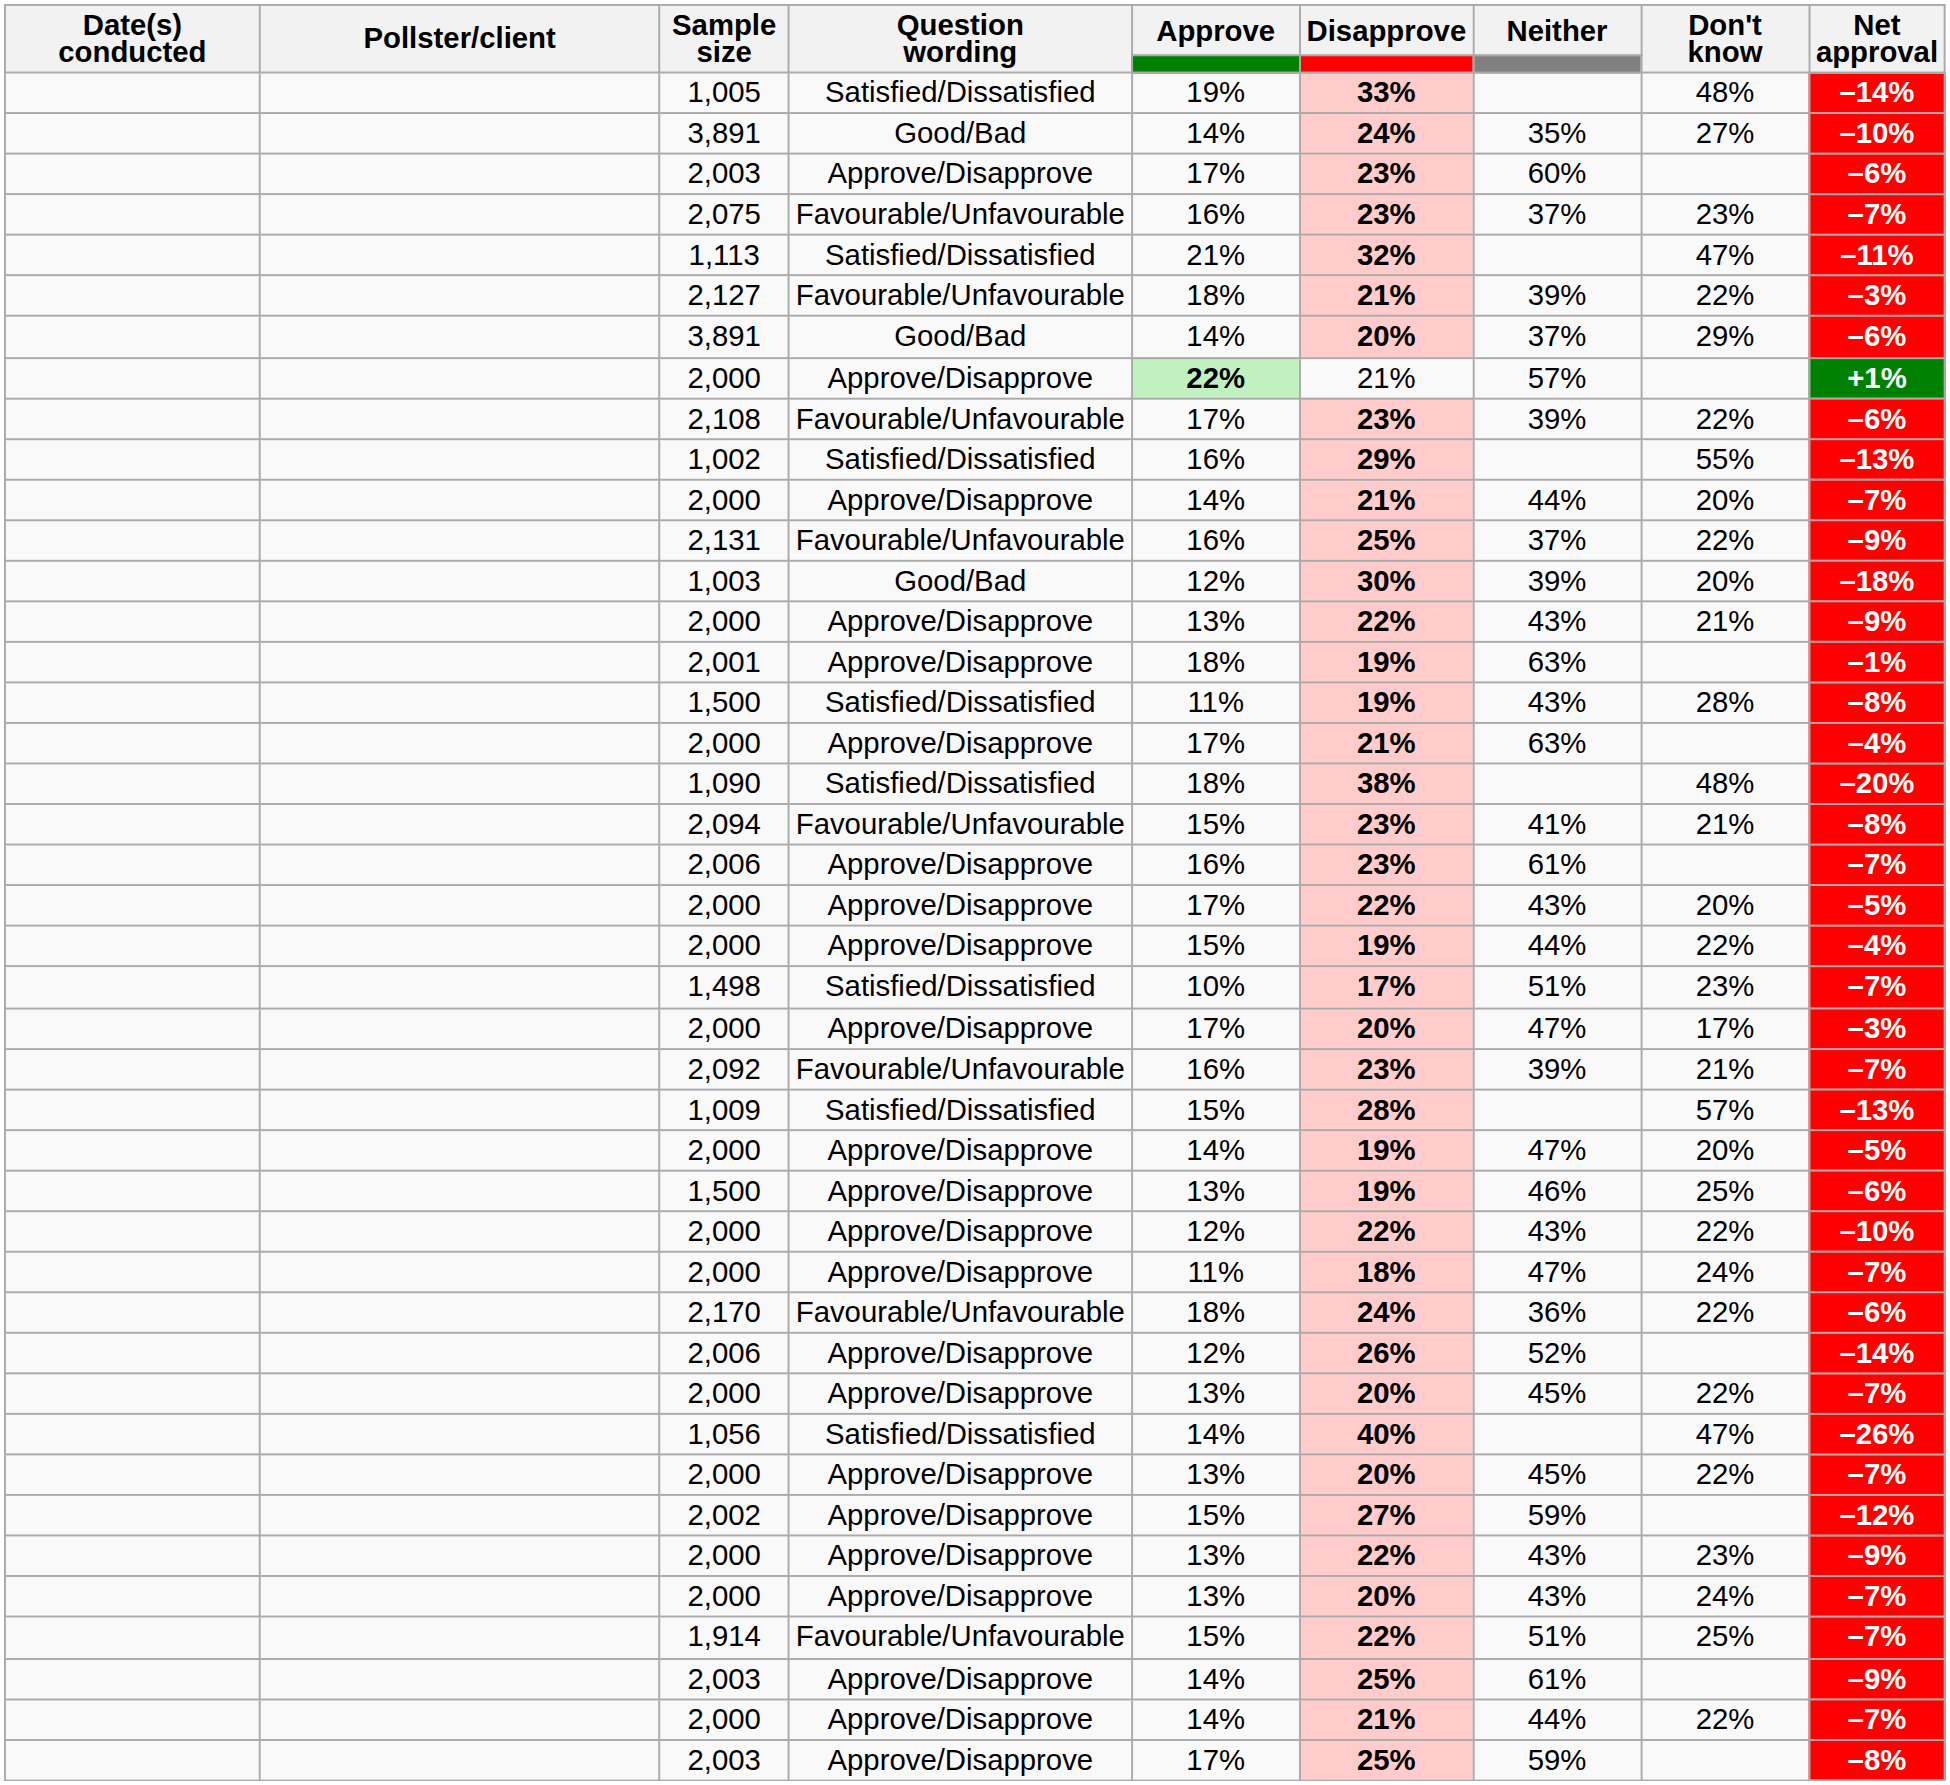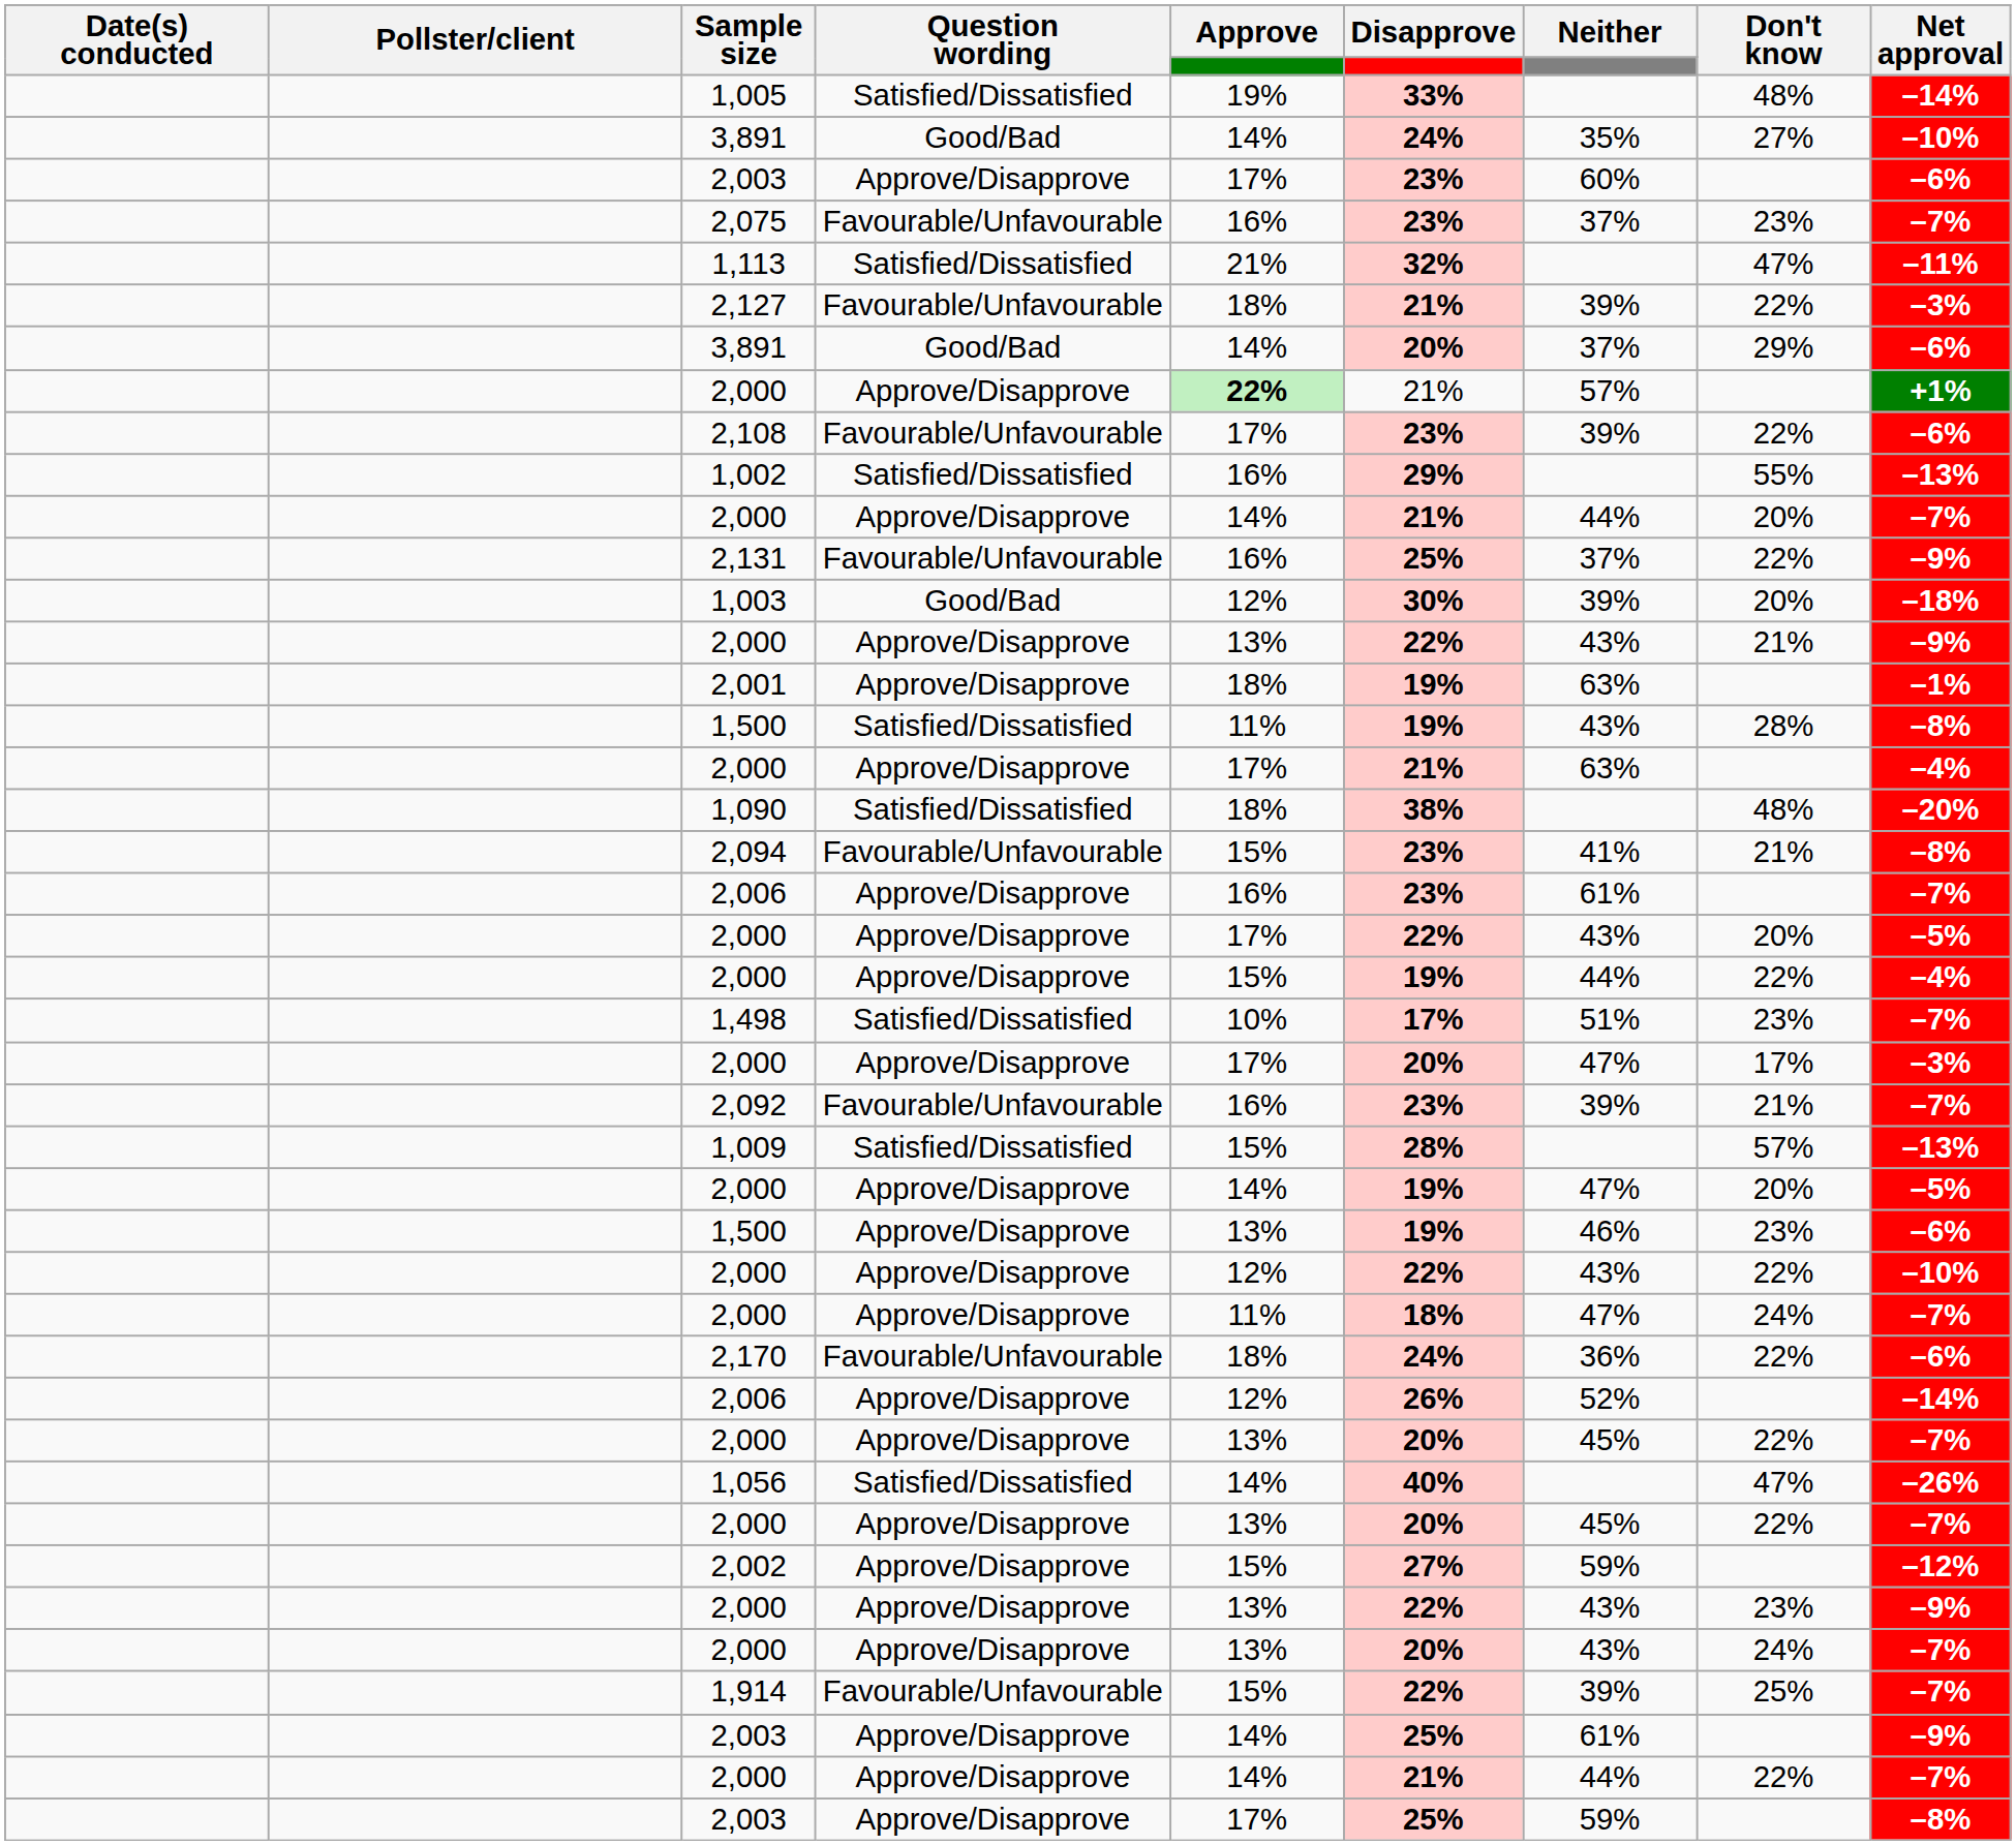 <table class="wikitable collapsible sortable mw-datatable" style="text-align:center;font-size:95%;line-height:14px;">
 <tr>
 <th rowspan="2" style="width:125px;">Date(s)<br>conducted</th>
 <th rowspan="2" style="width:200px;">Pollster/client</th>
 <th rowspan="2" style="width:60px;">Sample size</th>
 <th rowspan="2" style="width:120px;">Question<br>wording</th>
 <th class="unsortable" style="width:80px;">Approve</th>
 <th class="unsortable" style="width: 80px;">Disapprove</th>
 <th class="unsortable" style="width:80px;">Neither</th>
 <th rowspan="2" class="unsortable" style="width:80px;">Don't know</th>
 <th rowspan="2" class="unsortable" style="width:20px;">Net approval</th>
 </tr>
 <tr>
 <th class="unsortable" style="color:inherit;background:green;width:60px;"></th>
 <th class="unsortable" style="color:inherit;background:red;width:60px;"></th>
 <th class="unsortable" style="background:grey;width:60px;"></th>
 </tr>
 <tr>
 <td></td>
 <td></td>
 <td>1,005</td>
 <td>Satisfied/Dissatisfied</td>
 <td>19%</td>
 <td style="background:#ffcccb"><strong>33%</strong></td>
 <td></td>
 <td>48%</td>
 <td style="background:red;color:white;"><strong>–14%</strong></td>
 </tr>
 <tr>
 <td></td>
 <td></td>
 <td>3,891</td>
 <td>Good/Bad</td>
 <td>14%</td>
 <td style="background:#ffcccb"><strong>24%</strong></td>
 <td>35%</td>
 <td>27%</td>
 <td style="background:red;color:white;"><strong>–10%</strong></td>
 </tr>
 <tr>
 <td></td>
 <td></td>
 <td>2,003</td>
 <td>Approve/Disapprove</td>
 <td>17%</td>
 <td style="background:#ffcccb"><strong>23%</strong></td>
 <td>60%</td>
 <td></td>
 <td style="background:red;color:white;"><strong>–6%</strong></td>
 </tr>
 <tr>
 <td></td>
 <td></td>
 <td>2,075</td>
 <td>Favourable/Unfavourable</td>
 <td>16%</td>
 <td style="background:#ffcccb"><strong>23%</strong></td>
 <td>37%</td>
 <td>23%</td>
 <td style="background:red;color:white;"><strong>–7%</strong></td>
 </tr>
 <tr>
 <td></td>
 <td></td>
 <td>1,113</td>
 <td>Satisfied/Dissatisfied</td>
 <td>21%</td>
 <td style="background:#ffcccb"><strong>32%</strong></td>
 <td></td>
 <td>47%</td>
 <td style="background:red;color:white;"><strong>–11%</strong></td>
 </tr>
 <tr>
 <td></td>
 <td></td>
 <td>2,127</td>
 <td>Favourable/Unfavourable</td>
 <td>18%</td>
 <td style="background:#ffcccb"><strong>21%</strong></td>
 <td>39%</td>
 <td>22%</td>
 <td style="background:red;color:white;"><strong>–3%</strong></td>
 </tr>
 <tr>
 <td></td>
 <td></td>
 <td>3,891</td>
 <td>Good/Bad</td>
 <td>14%</td>
 <td style="background:#ffcccb"><strong>20%</strong></td>
 <td>37%</td>
 <td>29%</td>
 <td style="background:red;color:white;"><strong>–6%</strong></td>
 </tr>
 <tr>
 <td></td>
 <td></td>
 <td>2,000</td>
 <td>Approve/Disapprove</td>
 <td style="background:#C1F0C1"><strong>22%</strong></td>
 <td>21%</td>
 <td>57%</td>
 <td></td>
 <td style="background:green;color:white;"><strong>+1%</strong></td>
 </tr>
 <tr>
 <td></td>
 <td></td>
 <td>2,108</td>
 <td>Favourable/Unfavourable</td>
 <td>17%</td>
 <td style="background:#ffcccb"><strong>23%</strong></td>
 <td>39%</td>
 <td>22%</td>
 <td style="background:red;color:white;"><strong>–6%</strong></td>
 </tr>
 <tr>
 <td></td>
 <td></td>
 <td>1,002</td>
 <td>Satisfied/Dissatisfied</td>
 <td>16%</td>
 <td style="background:#ffcccb"><strong>29%</strong></td>
 <td></td>
 <td>55%</td>
 <td style="background:red;color:white;"><strong>–13%</strong></td>
 </tr>
 <tr>
 <td></td>
 <td></td>
 <td>2,000</td>
 <td>Approve/Disapprove</td>
 <td>14%</td>
 <td style="background:#ffcccb"><strong>21%</strong></td>
 <td>44%</td>
 <td>20%</td>
 <td style="background:red;color:white;"><strong>–7%</strong></td>
 </tr>
 <tr>
 <td></td>
 <td></td>
 <td>2,131</td>
 <td>Favourable/Unfavourable</td>
 <td>16%</td>
 <td style="background:#ffcccb"><strong>25%</strong></td>
 <td>37%</td>
 <td>22%</td>
 <td style="background:red;color:white;"><strong>–9%</strong></td>
 </tr>
 <tr>
 <td></td>
 <td></td>
 <td>1,003</td>
 <td>Good/Bad</td>
 <td>12%</td>
 <td style="background:#ffcccb"><strong>30%</strong></td>
 <td>39%</td>
 <td>20%</td>
 <td style="background:red;color:white;"><strong>–18%</strong></td>
 </tr>
 <tr>
 <td></td>
 <td></td>
 <td>2,000</td>
 <td>Approve/Disapprove</td>
 <td>13%</td>
 <td style="background:#ffcccb"><strong>22%</strong></td>
 <td>43%</td>
 <td>21%</td>
 <td style="background:red;color:white;"><strong>–9%</strong></td>
 </tr>
 <tr>
 <td></td>
 <td></td>
 <td>2,001</td>
 <td>Approve/Disapprove</td>
 <td>18%</td>
 <td style="background:#ffcccb"><strong>19%</strong></td>
 <td>63%</td>
 <td></td>
 <td style="background:red;color:white;"><strong>–1%</strong></td>
 </tr>
 <tr>
 <td></td>
 <td></td>
 <td>1,500</td>
 <td>Satisfied/Dissatisfied</td>
 <td>11%</td>
 <td style="background:#ffcccb"><strong>19%</strong></td>
 <td>43%</td>
 <td>28%</td>
 <td style="background:red;color:white;"><strong>–8%</strong></td>
 </tr>
 <tr>
 <td></td>
 <td></td>
 <td>2,000</td>
 <td>Approve/Disapprove</td>
 <td>17%</td>
 <td style="background:#ffcccb"><strong>21%</strong></td>
 <td>63%</td>
 <td></td>
 <td style="background:red;color:white;"><strong>–4%</strong></td>
 </tr>
 <tr>
 <td></td>
 <td></td>
 <td>1,090</td>
 <td>Satisfied/Dissatisfied</td>
 <td>18%</td>
 <td style="background:#ffcccb"><strong>38%</strong></td>
 <td></td>
 <td>48%</td>
 <td style="background:red;color:white;"><strong>–20%</strong></td>
 </tr>
 <tr>
 <td></td>
 <td></td>
 <td>2,094</td>
 <td>Favourable/Unfavourable</td>
 <td>15%</td>
 <td style="background:#ffcccb"><strong>23%</strong></td>
 <td>41%</td>
 <td>21%</td>
 <td style="background:red;color:white;"><strong>–8%</strong></td>
 </tr>
 <tr>
 <td></td>
 <td></td>
 <td>2,006</td>
 <td>Approve/Disapprove</td>
 <td>16%</td>
 <td style="background:#ffcccb"><strong>23%</strong></td>
 <td>61%</td>
 <td></td>
 <td style="background:red;color:white;"><strong>–7%</strong></td>
 </tr>
 <tr>
 <td></td>
 <td></td>
 <td>2,000</td>
 <td>Approve/Disapprove</td>
 <td>17%</td>
 <td style="background:#ffcccb"><strong>22%</strong></td>
 <td>43%</td>
 <td>20%</td>
 <td style="background:red;color:white;"><strong>–5%</strong></td>
 </tr>
 <tr>
 <td></td>
 <td></td>
 <td>2,000</td>
 <td>Approve/Disapprove</td>
 <td>15%</td>
 <td style="background:#ffcccb"><strong>19%</strong></td>
 <td>44%</td>
 <td>22%</td>
 <td style="background:red;color:white;"><strong>–4%</strong></td>
 </tr>
 <tr>
 <td></td>
 <td></td>
 <td>1,498</td>
 <td>Satisfied/Dissatisfied</td>
 <td>10%</td>
 <td style="background:#ffcccb"><strong>17%</strong></td>
 <td>51%</td>
 <td>23%</td>
 <td style="background:red;color:white;"><strong>–7%</strong></td>
 </tr>
 <tr>
 <td></td>
 <td></td>
 <td>2,000</td>
 <td>Approve/Disapprove</td>
 <td>17%</td>
 <td style="background:#ffcccb"><strong>20%</strong></td>
 <td>47%</td>
 <td>17%</td>
 <td style="background:red;color:white;"><strong>–3%</strong></td>
 </tr>
 <tr>
 <td></td>
 <td></td>
 <td>2,092</td>
 <td>Favourable/Unfavourable</td>
 <td>16%</td>
 <td style="background:#ffcccb"><strong>23%</strong></td>
 <td>39%</td>
 <td>21%</td>
 <td style="background:red;color:white;"><strong>–7%</strong></td>
 </tr>
 <tr>
 <td></td>
 <td></td>
 <td>1,009</td>
 <td>Satisfied/Dissatisfied</td>
 <td>15%</td>
 <td style="background:#ffcccb"><strong>28%</strong></td>
 <td></td>
 <td>57%</td>
 <td style="background:red;color:white;"><strong>–13%</strong></td>
 </tr>
 <tr>
 <td></td>
 <td></td>
 <td>2,000</td>
 <td>Approve/Disapprove</td>
 <td>14%</td>
 <td style="background:#ffcccb"><strong>19%</strong></td>
 <td>47%</td>
 <td>20%</td>
 <td style="background:red;color:white;"><strong>–5%</strong></td>
 </tr>
 <tr>
 <td></td>
 <td></td>
 <td>1,500</td>
 <td>Approve/Disapprove</td>
 <td>13%</td>
 <td style="background:#ffcccb"><strong>19%</strong></td>
 <td>46%</td>
-<td>25%</td>
+<td>23%</td>
 <td style="background:red;color:white;"><strong>–6%</strong></td>
 </tr>
 <tr>
 <td></td>
 <td></td>
 <td>2,000</td>
 <td>Approve/Disapprove</td>
 <td>12%</td>
 <td style="background:#ffcccb"><strong>22%</strong></td>
 <td>43%</td>
 <td>22%</td>
 <td style="background:red;color:white;"><strong>–10%</strong></td>
 </tr>
 <tr>
 <td></td>
 <td></td>
 <td>2,000</td>
 <td>Approve/Disapprove</td>
 <td>11%</td>
 <td style="background:#ffcccb"><strong>18%</strong></td>
 <td>47%</td>
 <td>24%</td>
 <td style="background:red;color:white;"><strong>–7%</strong></td>
 </tr>
 <tr>
 <td></td>
 <td></td>
 <td>2,170</td>
 <td>Favourable/Unfavourable</td>
 <td>18%</td>
 <td style="background:#ffcccb"><strong>24%</strong></td>
 <td>36%</td>
 <td>22%</td>
 <td style="background:red;color:white;"><strong>–6%</strong></td>
 </tr>
 <tr>
 <td></td>
 <td> </td>
 <td>2,006</td>
 <td>Approve/Disapprove</td>
 <td>12%</td>
 <td style="background:#ffcccb"><strong>26%</strong></td>
 <td>52%</td>
 <td></td>
 <td style="background:red;color:white;"><strong>–14%</strong></td>
 </tr>
 <tr>
 <td></td>
 <td></td>
 <td>2,000</td>
 <td>Approve/Disapprove</td>
 <td>13%</td>
 <td style="background:#ffcccb"><strong>20%</strong></td>
 <td>45%</td>
 <td>22%</td>
 <td style="background:red;color:white;"><strong>–7%</strong></td>
 </tr>
 <tr>
 <td></td>
 <td> </td>
 <td>1,056</td>
 <td>Satisfied/Dissatisfied</td>
 <td>14%</td>
 <td style="background:#ffcccb"><strong>40%</strong></td>
 <td></td>
 <td>47%</td>
 <td style="background:red;color:white;"><strong>–26%</strong></td>
 </tr>
 <tr>
 <td></td>
 <td></td>
 <td>2,000</td>
 <td>Approve/Disapprove</td>
 <td>13%</td>
 <td style="background:#ffcccb"><strong>20%</strong></td>
 <td>45%</td>
 <td>22%</td>
 <td style="background:red;color:white;"><strong>–7%</strong></td>
 </tr>
 <tr>
 <td></td>
 <td> </td>
 <td>2,002</td>
 <td>Approve/Disapprove</td>
 <td>15%</td>
 <td style="background:#ffcccb"><strong>27%</strong></td>
 <td>59%</td>
 <td></td>
 <td style="background:red;color:white;"><strong>–12%</strong></td>
 </tr>
 <tr>
 <td></td>
 <td></td>
 <td>2,000</td>
 <td>Approve/Disapprove</td>
 <td>13%</td>
 <td style="background:#ffcccb"><strong>22%</strong></td>
 <td>43%</td>
 <td>23%</td>
 <td style="background:red;color:white;"><strong>–9%</strong></td>
 </tr>
 <tr>
 <td></td>
 <td></td>
 <td>2,000</td>
 <td>Approve/Disapprove</td>
 <td>13%</td>
 <td style="background:#ffcccb"><strong>20%</strong></td>
 <td>43%</td>
 <td>24%</td>
 <td style="background:red;color:white;"><strong>–7%</strong></td>
 </tr>
 <tr>
 <td></td>
 <td> </td>
 <td>1,914</td>
 <td>Favourable/Unfavourable</td>
 <td>15%</td>
 <td style="background:#ffcccb"><strong>22%</strong></td>
-<td>51%</td>
+<td>39%</td>
 <td>25%</td>
 <td style="background:red;color:white;"><strong>–7%</strong></td>
 </tr>
 <tr>
 <td></td>
 <td></td>
 <td>2,003</td>
 <td>Approve/Disapprove</td>
 <td>14%</td>
 <td style="background:#ffcccb"><strong>25%</strong></td>
 <td>61%</td>
 <td></td>
 <td style="background:red;color:white;"><strong>–9%</strong></td>
 </tr>
 <tr>
 <td></td>
 <td></td>
 <td>2,000</td>
 <td>Approve/Disapprove</td>
 <td>14%</td>
 <td style="background:#ffcccb"><strong>21%</strong></td>
 <td>44%</td>
 <td>22%</td>
 <td style="background:red;color:white;"><strong>–7%</strong></td>
 </tr>
 <tr>
 <td></td>
 <td></td>
 <td>2,003</td>
 <td>Approve/Disapprove</td>
 <td>17%</td>
 <td style="background:#ffcccb"><strong>25%</strong></td>
 <td>59%</td>
 <td></td>
 <td style="background:red;color:white;"><strong>–8%</strong></td>
 </tr>
 </table>
